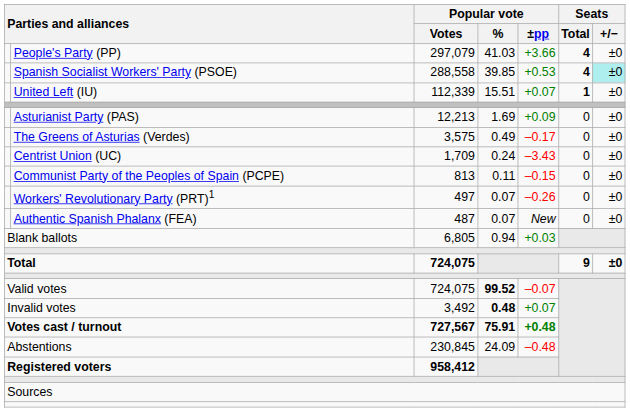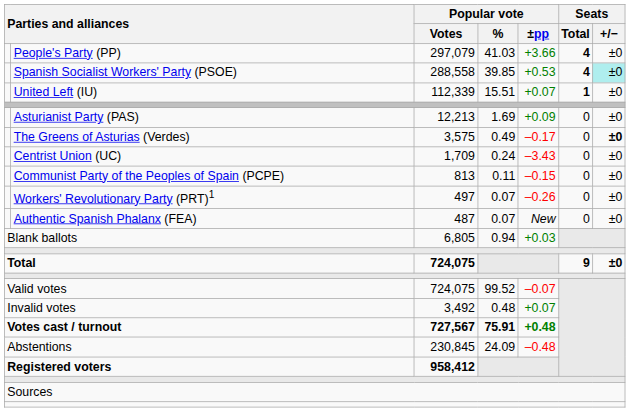 <table class="wikitable" style="text-align:right;">
 <tr>
 <th style="text-align:left;" rowspan="2" colspan="2" width="525">Parties and alliances</th>
 <th colspan="3">Popular vote</th>
 <th colspan="2">Seats</th>
 </tr>
 <tr>
 <th width="75">Votes</th>
 <th width="45">%</th>
 <th width="45">±<a href='#'>pp</a></th>
 <th width="35">Total</th>
 <th width="35">+/−</th>
 </tr>
 <tr>
 <td width="1" style="color:inherit;background:"></td>
 <td align="left"><a href='#'>People's Party</a> (PP)</td>
 <td>297,079</td>
 <td>41.03</td>
 <td style="color:green;">+3.66</td>
 <td><strong>4</strong></td>
 <td>±0</td>
 </tr>
 <tr>
 <td style="color:inherit;background:"></td>
 <td align="left"><a href='#'>Spanish Socialist Workers' Party</a> (PSOE)</td>
 <td>288,558</td>
 <td>39.85</td>
 <td style="color:green;">+0.53</td>
 <td><strong>4</strong></td>
 <td style="background: paleturquoise;">±0</td>
 </tr>
 <tr>
 <td style="color:inherit;background:"></td>
 <td align="left"><a href='#'>United Left</a> (IU)</td>
 <td>112,339</td>
 <td>15.51</td>
 <td style="color:green;">+0.07</td>
 <td><strong>1</strong></td>
 <td>±0</td>
 </tr>
 <tr>
 <td colspan="7" bgcolor="#C0C0C0"></td>
 </tr>
 <tr>
 <td style="color:inherit;background:"></td>
 <td align="left"><a href='#'>Asturianist Party</a> (PAS)</td>
 <td>12,213</td>
 <td>1.69</td>
 <td style="color:green;">+0.09</td>
 <td>0</td>
 <td>±0</td>
 </tr>
 <tr>
 <td style="color:inherit;background:"></td>
 <td align="left"><a href='#'>The Greens of Asturias</a> (Verdes)</td>
 <td>3,575</td>
 <td>0.49</td>
 <td style="color:red;">–0.17</td>
 <td>0</td>
-<td>±0</td>
+<td><strong>±0</strong></td>
 </tr>
 <tr>
 <td style="color:inherit;background:"></td>
 <td align="left"><a href='#'>Centrist Union</a> (UC)</td>
 <td>1,709</td>
 <td>0.24</td>
 <td style="color:red;">–3.43</td>
 <td>0</td>
 <td>±0</td>
 </tr>
 <tr>
 <td style="color:inherit;background:"></td>
 <td align="left"><a href='#'>Communist Party of the Peoples of Spain</a> (PCPE)</td>
 <td>813</td>
 <td>0.11</td>
 <td style="color:red;">–0.15</td>
 <td>0</td>
 <td>±0</td>
 </tr>
 <tr>
 <td style="color:inherit;background:"></td>
 <td align="left"><a href='#'>Workers' Revolutionary Party</a> (PRT)<sup>1</sup></td>
 <td>497</td>
 <td>0.07</td>
 <td style="color:red;">–0.26</td>
 <td>0</td>
 <td>±0</td>
 </tr>
 <tr>
 <td style="color:inherit;background:"></td>
 <td align="left"><a href='#'>Authentic Spanish Phalanx</a> (FEA)</td>
 <td>487</td>
 <td>0.07</td>
 <td><em>New</em></td>
 <td>0</td>
 <td>±0</td>
 </tr>
 <tr>
 <td align="left" colspan="2">Blank ballots</td>
 <td>6,805</td>
 <td>0.94</td>
 <td style="color:green;">+0.03</td>
 <td bgcolor="#E9E9E9" colspan="2"></td>
 </tr>
 <tr>
 <td colspan="7" bgcolor="#E9E9E9"></td>
 </tr>
 <tr style="font-weight:bold;">
 <td align="left" colspan="2">Total</td>
 <td>724,075</td>
 <td bgcolor="#E9E9E9" colspan="2"></td>
 <td>9</td>
 <td>±0</td>
 </tr>
 <tr>
 <td colspan="7" bgcolor="#E9E9E9"></td>
 </tr>
 <tr>
 <td align="left" colspan="2">Valid votes</td>
 <td>724,075</td>
-<td><strong>99.52</strong></td>
+<td>99.52</td>
 <td style="color:red;">–0.07</td>
 <td bgcolor="#E9E9E9" colspan="2" rowspan="5"></td>
 </tr>
 <tr>
 <td align="left" colspan="2">Invalid votes</td>
 <td>3,492</td>
-<td><strong>0.48</strong></td>
+<td>0.48</td>
 <td style="color:green;">+0.07</td>
 </tr>
 <tr style="font-weight:bold;">
 <td align="left" colspan="2">Votes cast / turnout</td>
 <td>727,567</td>
 <td>75.91</td>
 <td style="color:green;">+0.48</td>
 </tr>
 <tr>
 <td align="left" colspan="2">Abstentions</td>
 <td>230,845</td>
 <td>24.09</td>
 <td style="color:red;">–0.48</td>
 </tr>
 <tr style="font-weight:bold;">
 <td align="left" colspan="2">Registered voters</td>
 <td>958,412</td>
 <td bgcolor="#E9E9E9" colspan="2"></td>
 </tr>
 <tr>
 <td colspan="7" bgcolor="#E9E9E9"></td>
 </tr>
 <tr>
 <td align="left" colspan="7">Sources</td>
 </tr>
 <tr>
 <td colspan="7" style="text-align:left; max-width:790px;"></td>
 </tr>
 </table>
